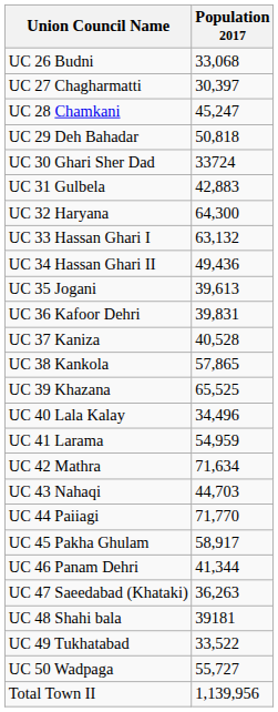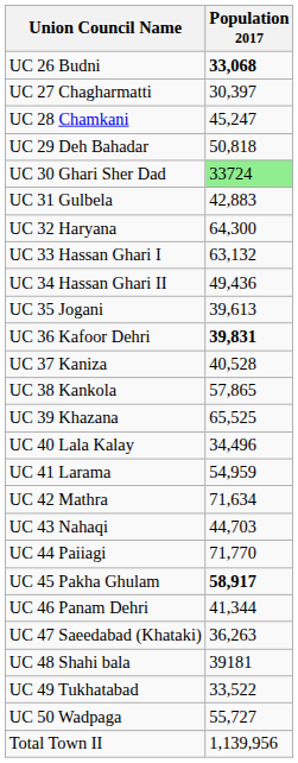 <table class="sortable wikitable">
 <tr>
 <th>Union Council Name</th>
 <th>Population <br><small>2017</small></th>
 </tr>
 <tr>
 <td>UC 26 Budni</td>
-<td><div>33,068</div></td>
+<td><strong><div>33,068</div></strong></td>
 </tr>
 <tr>
 <td>UC 27 Chagharmatti</td>
 <td><div>30,397</div></td>
 </tr>
 <tr>
 <td>UC 28 <a href='#'>Chamkani</a></td>
 <td><div>45,247</div></td>
 </tr>
 <tr>
 <td>UC 29 Deh Bahadar</td>
 <td><div>50,818</div></td>
 </tr>
 <tr>
 <td>UC 30 Ghari Sher Dad</td>
-<td><div>33724 </div></td>
+<td style="background: lightgreen;"><div>33724 </div></td>
 </tr>
 <tr>
 <td>UC 31 Gulbela</td>
 <td><div>42,883</div></td>
 </tr>
 <tr>
 <td>UC 32 Haryana</td>
 <td><div>64,300</div></td>
 </tr>
 <tr>
 <td>UC 33 Hassan Ghari I</td>
 <td><div>63,132</div></td>
 </tr>
 <tr>
 <td>UC 34 Hassan Ghari II</td>
 <td><div>49,436</div></td>
 </tr>
 <tr>
 <td>UC 35 Jogani</td>
 <td><div>39,613</div></td>
 </tr>
 <tr>
 <td>UC 36 Kafoor Dehri</td>
-<td><div>39,831</div></td>
+<td><strong><div>39,831</div></strong></td>
 </tr>
 <tr>
 <td>UC 37 Kaniza</td>
 <td><div>40,528</div></td>
 </tr>
 <tr>
 <td>UC 38 Kankola</td>
 <td><div>57,865</div></td>
 </tr>
 <tr>
 <td>UC 39 Khazana</td>
 <td><div>65,525</div></td>
 </tr>
 <tr>
 <td>UC 40 Lala Kalay</td>
 <td><div>34,496</div></td>
 </tr>
 <tr>
 <td>UC 41 Larama</td>
 <td><div>54,959</div></td>
 </tr>
 <tr>
 <td>UC 42 Mathra</td>
 <td><div>71,634</div></td>
 </tr>
 <tr>
 <td>UC 43 Nahaqi</td>
 <td><div>44,703</div></td>
 </tr>
 <tr>
 <td>UC 44 Paiiagi</td>
 <td><div>71,770</div></td>
 </tr>
 <tr>
 <td>UC 45  Pakha Ghulam</td>
-<td><div>58,917</div></td>
+<td><strong><div>58,917</div></strong></td>
 </tr>
 <tr>
 <td>UC 46 Panam Dehri</td>
 <td><div>41,344</div></td>
 </tr>
 <tr>
 <td>UC 47 Saeedabad (Khataki)</td>
 <td><div>36,263</div></td>
 </tr>
 <tr>
 <td>UC 48 Shahi bala</td>
 <td><div>39181</div></td>
 </tr>
 <tr>
 <td>UC 49 Tukhatabad</td>
 <td><div>33,522</div></td>
 </tr>
 <tr>
 <td>UC 50 Wadpaga</td>
 <td><div>55,727</div></td>
 </tr>
 <tr>
 <td>Total Town II</td>
 <td><div>1,139,956</div></td>
 </tr>
 </table>
